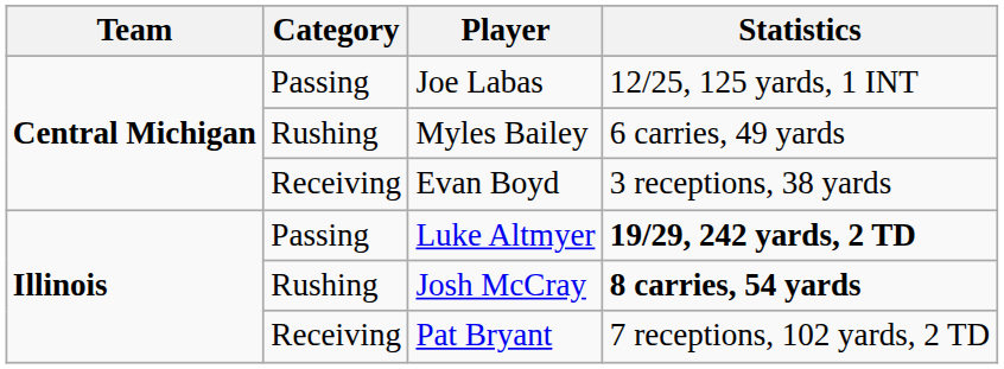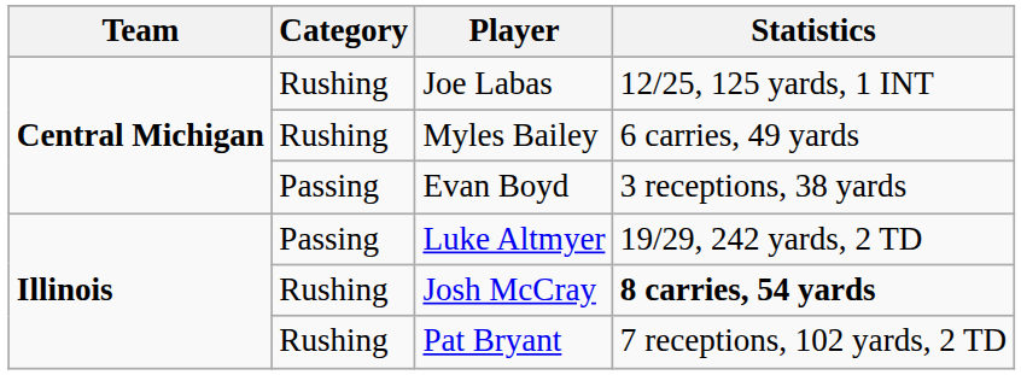 <table class="wikitable" style="float: right;">
 <tr>
 <th>Team</th>
 <th>Category</th>
 <th>Player</th>
 <th>Statistics</th>
 </tr>
 <tr>
 <td rowspan=3><strong>Central Michigan</strong></td>
-<td>Passing</td>
+<td>Rushing</td>
 <td>Joe Labas</td>
 <td>12/25, 125 yards, 1 INT</td>
 </tr>
 <tr>
 <td>Rushing</td>
 <td>Myles Bailey</td>
 <td>6 carries, 49 yards</td>
 </tr>
 <tr>
-<td>Receiving</td>
+<td>Passing</td>
 <td>Evan Boyd</td>
 <td>3 receptions, 38 yards</td>
 </tr>
 <tr>
 <td rowspan=3><strong>Illinois</strong></td>
 <td>Passing</td>
 <td><a href='#'>Luke Altmyer</a></td>
-<td><strong>19/29, 242 yards, 2 TD</strong></td>
+<td>19/29, 242 yards, 2 TD</td>
 </tr>
 <tr>
 <td>Rushing</td>
 <td><a href='#'>Josh McCray</a></td>
 <td><strong>8 carries, 54 yards</strong></td>
 </tr>
 <tr>
-<td>Receiving</td>
+<td>Rushing</td>
 <td><a href='#'>Pat Bryant</a></td>
 <td>7 receptions, 102 yards, 2 TD</td>
 </tr>
 </table>
